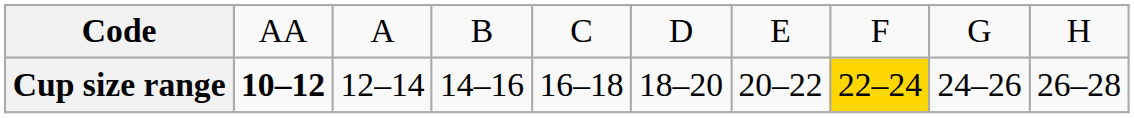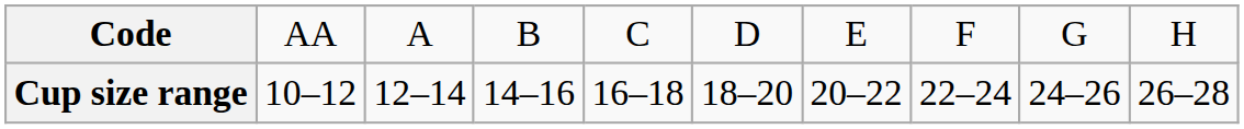 <table class="wikitable">
 <tr style="text-align:center;">
 <th>Code</th>
 <td>AA</td>
 <td>A</td>
 <td>B</td>
 <td>C</td>
 <td>D</td>
 <td>E</td>
 <td>F</td>
 <td>G</td>
 <td>H</td>
 </tr>
 <tr>
 <th>Cup size range</th>
-<td><strong>10–12</strong></td>
+<td>10–12</td>
 <td>12–14</td>
 <td>14–16</td>
 <td>16–18</td>
 <td>18–20</td>
 <td>20–22</td>
-<td style="background: gold;">22–24</td>
+<td>22–24</td>
 <td>24–26</td>
 <td>26–28</td>
 </tr>
 </table>
